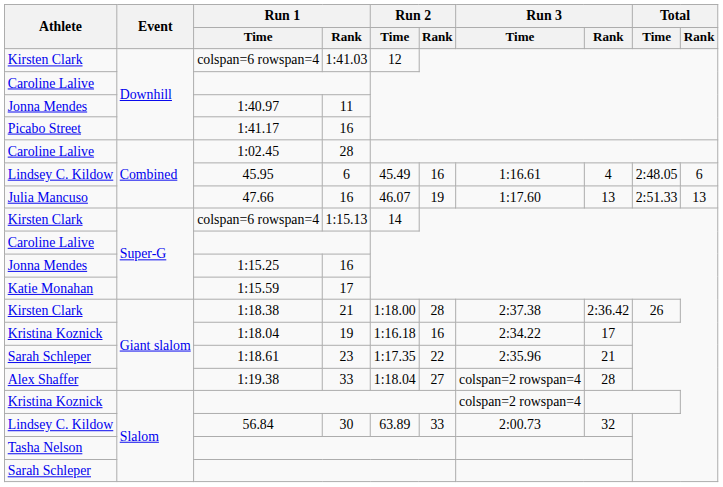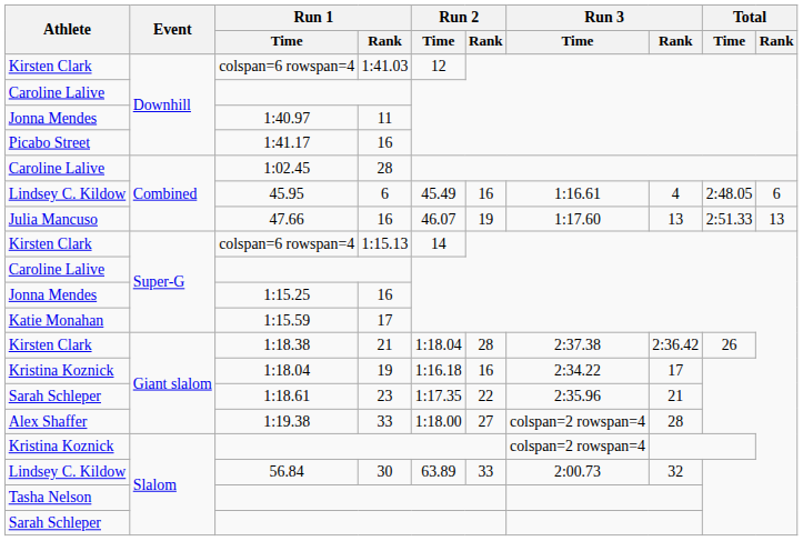 <table class=wikitable style=font-size:90%;text-align:center>
 <tr>
 <th rowspan=2>Athlete</th>
 <th rowspan=2>Event</th>
 <th colspan=2>Run 1</th>
 <th colspan=2>Run 2</th>
 <th colspan=2>Run 3</th>
 <th colspan=2>Total</th>
 </tr>
 <tr style=font-size:95%>
 <th>Time</th>
 <th>Rank</th>
 <th>Time</th>
 <th>Rank</th>
 <th>Time</th>
 <th>Rank</th>
 <th>Time</th>
 <th>Rank</th>
 </tr>
 <tr>
 <td align=left><a href='#'>Kirsten Clark</a></td>
 <td align=left rowspan=4><a href='#'>Downhill</a></td>
 <td>colspan=6 rowspan=4 </td>
 <td>1:41.03</td>
 <td>12</td>
 </tr>
 <tr>
 <td align=left><a href='#'>Caroline Lalive</a></td>
 <td colspan=2></td>
 </tr>
 <tr>
 <td align=left><a href='#'>Jonna Mendes</a></td>
 <td>1:40.97</td>
 <td>11</td>
 </tr>
 <tr>
 <td align=left><a href='#'>Picabo Street</a></td>
 <td>1:41.17</td>
 <td>16</td>
 </tr>
 <tr>
 <td align=left><a href='#'>Caroline Lalive</a></td>
 <td align=left rowspan=3><a href='#'>Combined</a></td>
 <td>1:02.45</td>
 <td>28</td>
 <td colspan=6></td>
 </tr>
 <tr>
 <td align=left><a href='#'>Lindsey C. Kildow</a></td>
 <td>45.95</td>
 <td>6</td>
 <td>45.49</td>
 <td>16</td>
 <td>1:16.61</td>
 <td>4</td>
 <td>2:48.05</td>
 <td>6</td>
 </tr>
 <tr>
 <td align=left><a href='#'>Julia Mancuso</a></td>
 <td>47.66</td>
 <td>16</td>
 <td>46.07</td>
 <td>19</td>
 <td>1:17.60</td>
 <td>13</td>
 <td>2:51.33</td>
 <td>13</td>
 </tr>
 <tr>
 <td align=left><a href='#'>Kirsten Clark</a></td>
 <td align=left rowspan=4><a href='#'>Super-G</a></td>
 <td>colspan=6 rowspan=4 </td>
 <td>1:15.13</td>
 <td>14</td>
 </tr>
 <tr>
 <td align=left><a href='#'>Caroline Lalive</a></td>
 <td colspan=2></td>
 </tr>
 <tr>
 <td align=left><a href='#'>Jonna Mendes</a></td>
 <td>1:15.25</td>
 <td>16</td>
 </tr>
 <tr>
 <td align=left><a href='#'>Katie Monahan</a></td>
 <td>1:15.59</td>
 <td>17</td>
 </tr>
 <tr>
 <td align=left><a href='#'>Kirsten Clark</a></td>
 <td align=left rowspan=4><a href='#'>Giant slalom</a></td>
 <td>1:18.38</td>
 <td>21</td>
-<td>1:18.00</td>
+<td>1:18.04</td>
 <td>28</td>
 <td>2:37.38</td>
 <td>2:36.42</td>
 <td>26</td>
 </tr>
 <tr>
 <td align=left><a href='#'>Kristina Koznick</a></td>
 <td>1:18.04</td>
 <td>19</td>
 <td>1:16.18</td>
 <td>16</td>
 <td>2:34.22</td>
 <td>17</td>
 </tr>
 <tr>
 <td align=left><a href='#'>Sarah Schleper</a></td>
 <td>1:18.61</td>
 <td>23</td>
 <td>1:17.35</td>
 <td>22</td>
 <td>2:35.96</td>
 <td>21</td>
 </tr>
 <tr>
 <td align=left><a href='#'>Alex Shaffer</a></td>
 <td>1:19.38</td>
 <td>33</td>
-<td>1:18.04</td>
+<td>1:18.00</td>
 <td>27</td>
 <td>colspan=2 rowspan=4 </td>
 <td>28</td>
 </tr>
 <tr>
 <td align=left><a href='#'>Kristina Koznick</a></td>
 <td align=left rowspan=4><a href='#'>Slalom</a></td>
 <td colspan=4></td>
 <td>colspan=2 rowspan=4 </td>
 <td colspan=2></td>
 </tr>
 <tr>
 <td align=left><a href='#'>Lindsey C. Kildow</a></td>
 <td>56.84</td>
 <td>30</td>
 <td>63.89</td>
 <td>33</td>
 <td>2:00.73</td>
 <td>32</td>
 </tr>
 <tr>
 <td align=left><a href='#'>Tasha Nelson</a></td>
 <td colspan=4></td>
 <td colspan=2></td>
 </tr>
 <tr>
 <td align=left><a href='#'>Sarah Schleper</a></td>
 <td colspan=4></td>
 <td colspan=2></td>
 </tr>
 </table>
